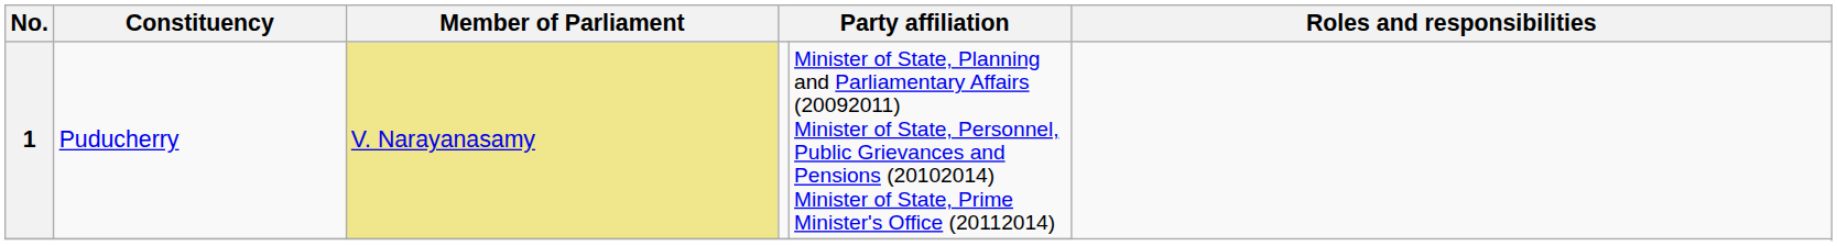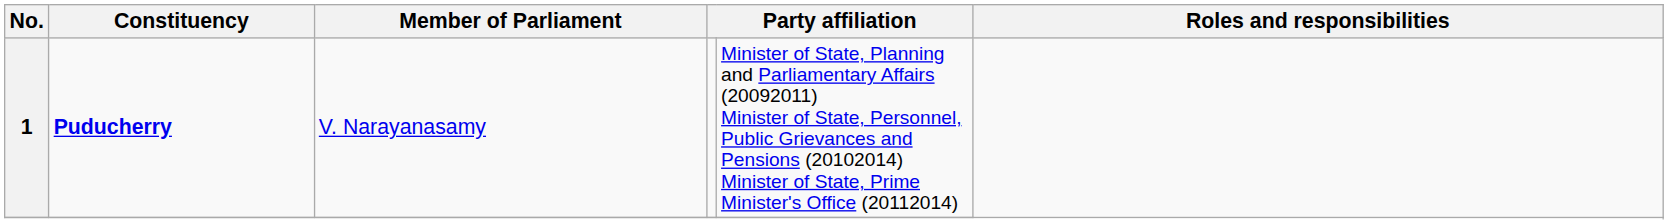 <table class="wikitable">
 <tr style="text-align:center;">
 <th>No.</th>
 <th style="width:12em">Constituency</th>
 <th style="width:18em">Member of Parliament</th>
 <th colspan="2" style="width:18em">Party affiliation</th>
 <th style="width:32em">Roles and responsibilities</th>
 </tr>
 <tr>
 <th>1</th>
-<td><a href='#'>Puducherry</a></td>
-<td style="background: khaki;"><a href='#'>V. Narayanasamy</a></td>
+<td><strong><a href='#'>Puducherry</a></strong></td>
+<td><a href='#'>V. Narayanasamy</a></td>
 <td></td>
 <td style="font-size:90%"><a href='#'>Minister of State, Planning</a> and <a href='#'>Parliamentary Affairs</a> (20092011)<br><a href='#'>Minister of State, Personnel, Public Grievances and Pensions</a> (20102014)<br><a href='#'>Minister of State, Prime Minister's Office</a> (20112014)</td>
 </tr>
 <tr>
 </tr>
 </table>
